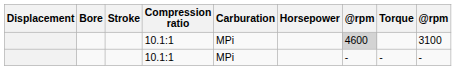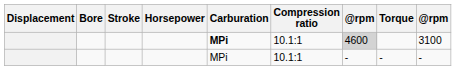 <table class="wikitable">
 <tr>
 <th>Displacement</th>
 <th>Bore</th>
 <th>Stroke</th>
+<th>Horsepower</th>
+<th>Carburation</th>
 <th>Compression<br>ratio</th>
-<th>Carburation</th>
-<th>Horsepower</th>
 <th>@rpm</th>
 <th>Torque</th>
 <th>@rpm</th>
 </tr>
 <tr>
 <th></th>
 <td></td>
 <td></td>
+<td></td>
+<td><strong>MPi</strong></td>
 <td>10.1:1</td>
-<td>MPi</td>
-<td></td>
 <td style="background: lightgrey;">4600</td>
 <td></td>
 <td>3100</td>
 </tr>
 <tr>
 <th></th>
 <td></td>
 <td></td>
+<td></td>
+<td>MPi</td>
 <td>10.1:1</td>
-<td>MPi</td>
-<td></td>
 <td>-</td>
 <td>-</td>
 <td>-</td>
 </tr>
 </table>
